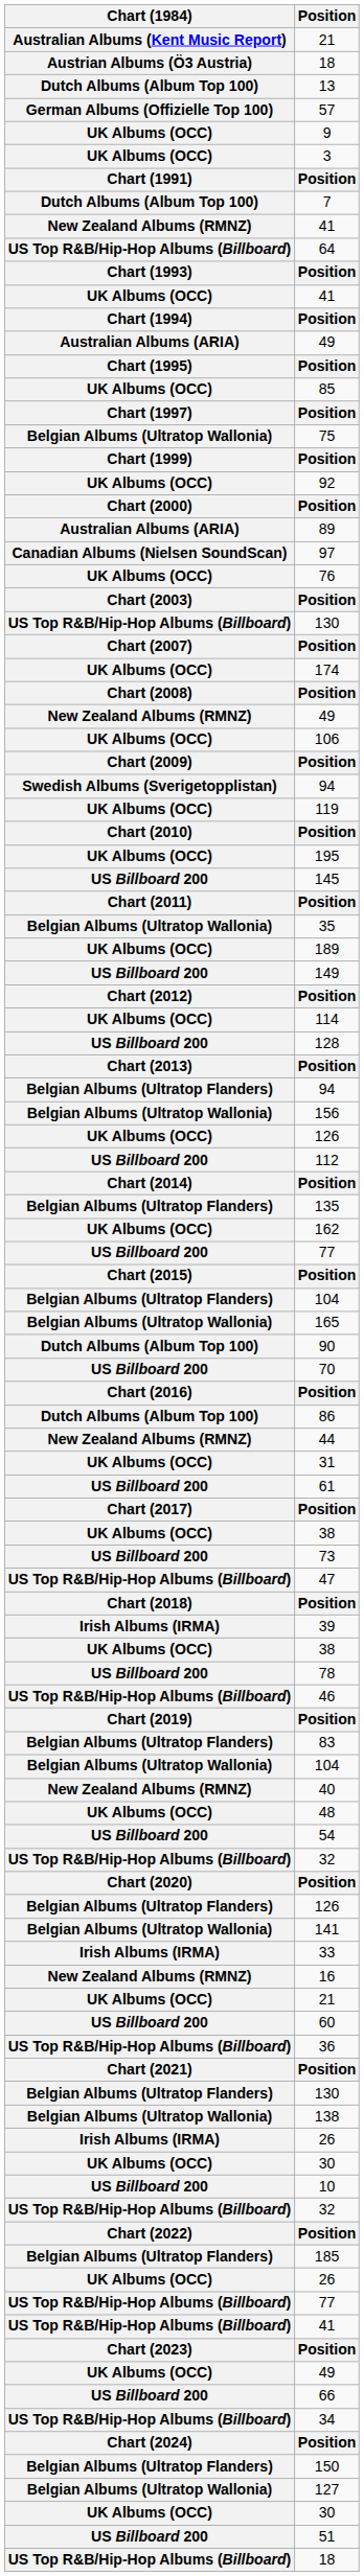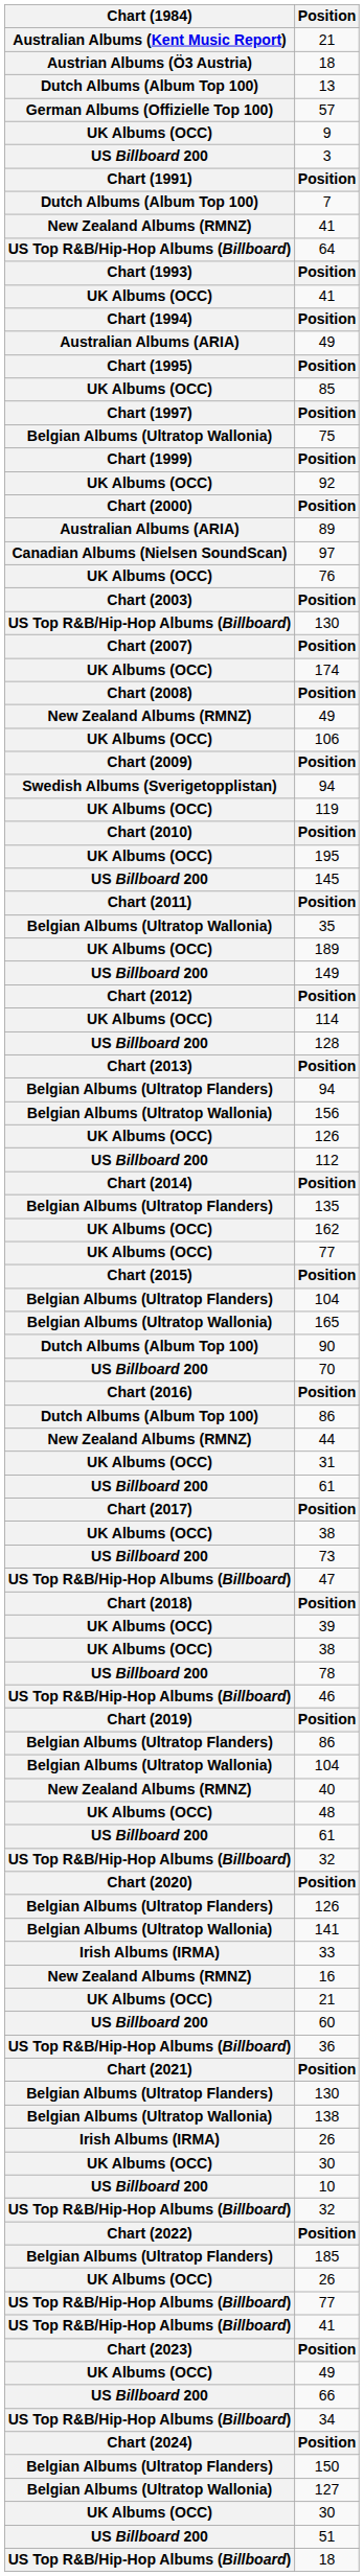 <table class="wikitable plainrowheaders" style="text-align:center">
 <tr>
 <th>Chart (1984)</th>
 <th>Position</th>
 </tr>
 <tr>
 <th scope="row">Australian Albums (<a href='#'>Kent Music Report</a>)</th>
 <td align="center">21</td>
 </tr>
 <tr>
 <th scope="row">Austrian Albums (Ö3 Austria)</th>
 <td>18</td>
 </tr>
 <tr>
 <th scope="row">Dutch Albums (Album Top 100)</th>
 <td>13</td>
 </tr>
 <tr>
 <th scope="row">German Albums (Offizielle Top 100)</th>
 <td>57</td>
 </tr>
 <tr>
 <th scope="row">UK Albums (OCC)</th>
 <td>9</td>
 </tr>
 <tr>
-<th scope="row">UK Albums (OCC)</th>
+<th scope="row">US <em>Billboard</em> 200</th>
 <td>3</td>
 </tr>
 <tr>
 <th>Chart (1991)</th>
 <th>Position</th>
 </tr>
 <tr>
 <th scope="row">Dutch Albums (Album Top 100)</th>
 <td>7</td>
 </tr>
 <tr>
 <th scope="row">New Zealand Albums (RMNZ)</th>
 <td>41</td>
 </tr>
 <tr>
 <th scope="row">US Top R&B/Hip-Hop Albums (<em>Billboard</em>)</th>
 <td>64</td>
 </tr>
 <tr>
 <th>Chart (1993)</th>
 <th>Position</th>
 </tr>
 <tr>
 <th scope="row">UK Albums (OCC)</th>
 <td>41</td>
 </tr>
 <tr>
 <th>Chart (1994)</th>
 <th>Position</th>
 </tr>
 <tr>
 <th scope="row">Australian Albums (ARIA)</th>
 <td>49</td>
 </tr>
 <tr>
 <th>Chart (1995)</th>
 <th>Position</th>
 </tr>
 <tr>
 <th scope="row">UK Albums (OCC)</th>
 <td>85</td>
 </tr>
 <tr>
 <th>Chart (1997)</th>
 <th>Position</th>
 </tr>
 <tr>
 <th scope="row">Belgian Albums (Ultratop Wallonia)</th>
 <td>75</td>
 </tr>
 <tr>
 <th>Chart (1999)</th>
 <th>Position</th>
 </tr>
 <tr>
 <th scope="row">UK Albums (OCC)</th>
 <td>92</td>
 </tr>
 <tr>
 <th>Chart (2000)</th>
 <th>Position</th>
 </tr>
 <tr>
 <th scope="row">Australian Albums (ARIA)</th>
 <td>89</td>
 </tr>
 <tr>
 <th scope="row">Canadian Albums (Nielsen SoundScan)</th>
 <td>97</td>
 </tr>
 <tr>
 <th scope="row">UK Albums (OCC)</th>
 <td>76</td>
 </tr>
 <tr>
 <th>Chart (2003)</th>
 <th>Position</th>
 </tr>
 <tr>
 <th scope="row">US Top R&B/Hip-Hop Albums (<em>Billboard</em>)</th>
 <td>130</td>
 </tr>
 <tr>
 <th scope="col">Chart (2007)</th>
 <th scope="col">Position</th>
 </tr>
 <tr>
 <th scope="row">UK Albums (OCC)</th>
 <td>174</td>
 </tr>
 <tr>
 <th scope="col">Chart (2008)</th>
 <th scope="col">Position</th>
 </tr>
 <tr>
 <th scope="row">New Zealand Albums (RMNZ)</th>
 <td>49</td>
 </tr>
 <tr>
 <th scope="row">UK Albums (OCC)</th>
 <td>106</td>
 </tr>
 <tr>
 <th scope="col">Chart (2009)</th>
 <th scope="col">Position</th>
 </tr>
 <tr>
 <th scope="row">Swedish Albums (Sverigetopplistan)</th>
 <td>94</td>
 </tr>
 <tr>
 <th scope="row">UK Albums (OCC)</th>
 <td>119</td>
 </tr>
 <tr>
 <th scope="col">Chart (2010)</th>
 <th scope="col">Position</th>
 </tr>
 <tr>
 <th scope="row">UK Albums (OCC)</th>
 <td>195</td>
 </tr>
 <tr>
 <th scope="row">US <em>Billboard</em> 200</th>
 <td>145</td>
 </tr>
 <tr>
 <th scope="col">Chart (2011)</th>
 <th scope="col">Position</th>
 </tr>
 <tr>
 <th scope="row">Belgian Albums (Ultratop Wallonia)</th>
 <td>35</td>
 </tr>
 <tr>
 <th scope="row">UK Albums (OCC)</th>
 <td>189</td>
 </tr>
 <tr>
 <th scope="row">US <em>Billboard</em> 200</th>
 <td>149</td>
 </tr>
 <tr>
 <th scope="col">Chart (2012)</th>
 <th scope="col">Position</th>
 </tr>
 <tr>
 <th scope="row">UK Albums (OCC)</th>
 <td>114</td>
 </tr>
 <tr>
 <th scope="row">US <em>Billboard</em> 200</th>
 <td>128</td>
 </tr>
 <tr>
 <th scope="col">Chart (2013)</th>
 <th scope="col">Position</th>
 </tr>
 <tr>
 <th scope="row">Belgian Albums (Ultratop Flanders)</th>
 <td>94</td>
 </tr>
 <tr>
 <th scope="row">Belgian Albums (Ultratop Wallonia)</th>
 <td>156</td>
 </tr>
 <tr>
 <th scope="row">UK Albums (OCC)</th>
 <td>126</td>
 </tr>
 <tr>
 <th scope="row">US <em>Billboard</em> 200</th>
 <td>112</td>
 </tr>
 <tr>
 <th scope="col">Chart (2014)</th>
 <th scope="col">Position</th>
 </tr>
 <tr>
 <th scope="row">Belgian Albums (Ultratop Flanders)</th>
 <td>135</td>
 </tr>
 <tr>
 <th scope="row">UK Albums (OCC)</th>
 <td>162</td>
 </tr>
 <tr>
-<th scope="row">US <em>Billboard</em> 200</th>
+<th scope="row">UK Albums (OCC)</th>
 <td>77</td>
 </tr>
 <tr>
 <th scope="col">Chart (2015)</th>
 <th scope="col">Position</th>
 </tr>
 <tr>
 <th scope="row">Belgian Albums (Ultratop Flanders)</th>
 <td>104</td>
 </tr>
 <tr>
 <th scope="row">Belgian Albums (Ultratop Wallonia)</th>
 <td>165</td>
 </tr>
 <tr>
 <th scope="row">Dutch Albums (Album Top 100)</th>
 <td>90</td>
 </tr>
 <tr>
 <th scope="row">US <em>Billboard</em> 200</th>
 <td>70</td>
 </tr>
 <tr>
 <th scope="col">Chart (2016)</th>
 <th scope="col">Position</th>
 </tr>
 <tr>
 <th scope="row">Dutch Albums (Album Top 100)</th>
 <td>86</td>
 </tr>
 <tr>
 <th scope="row">New Zealand Albums (RMNZ)</th>
 <td>44</td>
 </tr>
 <tr>
 <th scope="row">UK Albums (OCC)</th>
 <td>31</td>
 </tr>
 <tr>
 <th scope="row">US <em>Billboard</em> 200</th>
 <td>61</td>
 </tr>
 <tr>
 <th scope="col">Chart (2017)</th>
 <th scope="col">Position</th>
 </tr>
 <tr>
 <th scope="row">UK Albums (OCC)</th>
 <td>38</td>
 </tr>
 <tr>
 <th scope="row">US <em>Billboard</em> 200</th>
 <td>73</td>
 </tr>
 <tr>
 <th scope="row">US Top R&B/Hip-Hop Albums (<em>Billboard</em>)</th>
 <td>47</td>
 </tr>
 <tr>
 <th scope="col">Chart (2018)</th>
 <th scope="col">Position</th>
 </tr>
 <tr>
-<th scope="row">Irish Albums (IRMA)</th>
+<th scope="row">UK Albums (OCC)</th>
 <td>39</td>
 </tr>
 <tr>
 <th scope="row">UK Albums (OCC)</th>
 <td>38</td>
 </tr>
 <tr>
 <th scope="row">US <em>Billboard</em> 200</th>
 <td>78</td>
 </tr>
 <tr>
 <th scope="row">US Top R&B/Hip-Hop Albums (<em>Billboard</em>)</th>
 <td>46</td>
 </tr>
 <tr>
 <th scope="col">Chart (2019)</th>
 <th scope="col">Position</th>
 </tr>
 <tr>
 <th scope="row">Belgian Albums (Ultratop Flanders)</th>
-<td>83</td>
+<td>86</td>
 </tr>
 <tr>
 <th scope="row">Belgian Albums (Ultratop Wallonia)</th>
 <td>104</td>
 </tr>
 <tr>
 <th scope="row">New Zealand Albums (RMNZ)</th>
 <td>40</td>
 </tr>
 <tr>
 <th scope="row">UK Albums (OCC)</th>
 <td>48</td>
 </tr>
 <tr>
 <th scope="row">US <em>Billboard</em> 200</th>
-<td>54</td>
+<td>61</td>
 </tr>
 <tr>
 <th scope="row">US Top R&B/Hip-Hop Albums (<em>Billboard</em>)</th>
 <td>32</td>
 </tr>
 <tr>
 <th scope="col">Chart (2020)</th>
 <th scope="col">Position</th>
 </tr>
 <tr>
 <th scope="row">Belgian Albums (Ultratop Flanders)</th>
 <td>126</td>
 </tr>
 <tr>
 <th scope="row">Belgian Albums (Ultratop Wallonia)</th>
 <td>141</td>
 </tr>
 <tr>
 <th scope="row">Irish Albums (IRMA)</th>
 <td>33</td>
 </tr>
 <tr>
 <th scope="row">New Zealand Albums (RMNZ)</th>
 <td>16</td>
 </tr>
 <tr>
 <th scope="row">UK Albums (OCC)</th>
 <td>21</td>
 </tr>
 <tr>
 <th scope="row">US <em>Billboard</em> 200</th>
 <td>60</td>
 </tr>
 <tr>
 <th scope="row">US Top R&B/Hip-Hop Albums (<em>Billboard</em>)</th>
 <td>36</td>
 </tr>
 <tr>
 <th scope="col">Chart (2021)</th>
 <th scope="col">Position</th>
 </tr>
 <tr>
 <th scope="row">Belgian Albums (Ultratop Flanders)</th>
 <td>130</td>
 </tr>
 <tr>
 <th scope="row">Belgian Albums (Ultratop Wallonia)</th>
 <td>138</td>
 </tr>
 <tr>
 <th scope="row">Irish Albums (IRMA)</th>
 <td>26</td>
 </tr>
 <tr>
 <th scope="row">UK Albums (OCC)</th>
 <td>30</td>
 </tr>
 <tr>
 <th scope="row">US <em>Billboard</em> 200</th>
 <td>10</td>
 </tr>
 <tr>
 <th scope="row">US Top R&B/Hip-Hop Albums (<em>Billboard</em>)</th>
 <td>32</td>
 </tr>
 <tr>
 <th scope="col">Chart (2022)</th>
 <th scope="col">Position</th>
 </tr>
 <tr>
 <th scope="row">Belgian Albums (Ultratop Flanders)</th>
 <td>185</td>
 </tr>
 <tr>
 <th scope="row">UK Albums (OCC)</th>
 <td>26</td>
 </tr>
 <tr>
 <th scope="row">US Top R&B/Hip-Hop Albums (<em>Billboard</em>)</th>
 <td>77</td>
 </tr>
 <tr>
 <th scope="row">US Top R&B/Hip-Hop Albums (<em>Billboard</em>)</th>
 <td>41</td>
 </tr>
 <tr>
 <th scope="col">Chart (2023)</th>
 <th scope="col">Position</th>
 </tr>
 <tr>
 <th scope="row">UK Albums (OCC)</th>
 <td>49</td>
 </tr>
 <tr>
 <th scope="row">US <em>Billboard</em> 200</th>
 <td>66</td>
 </tr>
 <tr>
 <th scope="row">US Top R&B/Hip-Hop Albums (<em>Billboard</em>)</th>
 <td>34</td>
 </tr>
 <tr>
 <th scope="col">Chart (2024)</th>
 <th scope="col">Position</th>
 </tr>
 <tr>
 <th scope="row">Belgian Albums (Ultratop Flanders)</th>
 <td>150</td>
 </tr>
 <tr>
 <th scope="row">Belgian Albums (Ultratop Wallonia)</th>
 <td>127</td>
 </tr>
 <tr>
 <th scope="row">UK Albums (OCC)</th>
 <td>30</td>
 </tr>
 <tr>
 <th scope="row">US <em>Billboard</em> 200</th>
 <td>51</td>
 </tr>
 <tr>
 <th scope="row">US Top R&B/Hip-Hop Albums (<em>Billboard</em>)</th>
 <td>18</td>
 </tr>
 </table>
